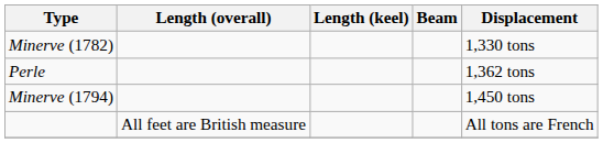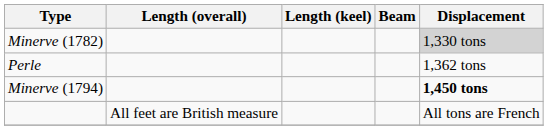 <table class="sortable wikitable">
 <tr>
 <th>Type</th>
 <th>Length (overall)</th>
 <th>Length (keel)</th>
 <th>Beam</th>
 <th>Displacement</th>
 </tr>
 <tr>
 <td><em>Minerve</em> (1782)</td>
 <td></td>
 <td></td>
 <td></td>
-<td>1,330 tons</td>
+<td style="background: lightgrey;">1,330 tons</td>
 </tr>
 <tr>
 <td><em>Perle</em></td>
 <td></td>
 <td></td>
 <td></td>
 <td>1,362 tons</td>
 </tr>
 <tr>
 <td><em>Minerve</em> (1794)</td>
 <td></td>
 <td></td>
 <td></td>
-<td>1,450 tons</td>
+<td><strong>1,450 tons</strong></td>
 </tr>
 <tr>
 <td></td>
 <td>All feet are British measure</td>
 <td></td>
 <td></td>
 <td>All tons are French</td>
 </tr>
 <tr>
 </tr>
 </table>
